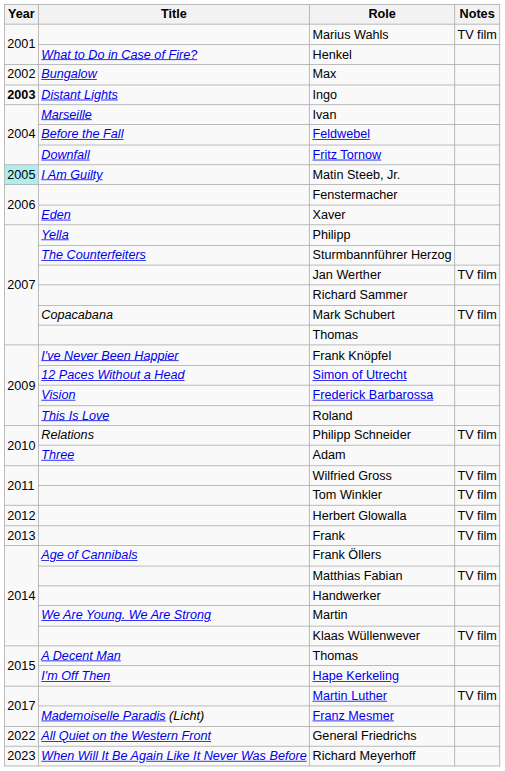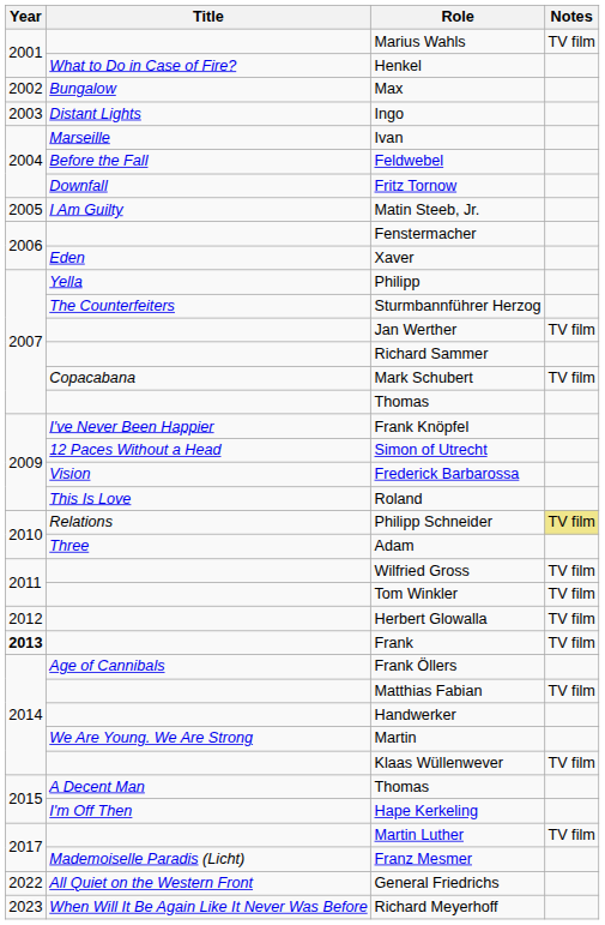 <table class="wikitable sortable">
 <tr>
 <th>Year</th>
 <th>Title</th>
 <th>Role</th>
 <th class="unsortable">Notes</th>
 </tr>
 <tr>
 <td rowspan=2>2001</td>
 <td><em></em></td>
 <td>Marius Wahls</td>
 <td>TV film</td>
 </tr>
 <tr>
 <td><em><a href='#'>What to Do in Case of Fire?</a></em></td>
 <td>Henkel</td>
 <td></td>
 </tr>
 <tr>
 <td>2002</td>
 <td><em><a href='#'>Bungalow</a></em></td>
 <td>Max</td>
 <td></td>
 </tr>
 <tr>
-<td><strong>2003</strong></td>
+<td>2003</td>
 <td><em><a href='#'>Distant Lights</a></em></td>
 <td>Ingo</td>
 <td></td>
 </tr>
 <tr>
 <td rowspan=3>2004</td>
 <td><em><a href='#'>Marseille</a></em></td>
 <td>Ivan</td>
 <td></td>
 </tr>
 <tr>
 <td><em><a href='#'>Before the Fall</a></em></td>
 <td><a href='#'>Feldwebel</a></td>
 <td></td>
 </tr>
 <tr>
 <td><em><a href='#'>Downfall</a></em></td>
 <td><a href='#'>Fritz Tornow</a></td>
 <td></td>
 </tr>
 <tr>
-<td style="background: paleturquoise;">2005</td>
+<td>2005</td>
 <td><em><a href='#'>I Am Guilty</a></em></td>
 <td>Matin Steeb, Jr.</td>
 <td></td>
 </tr>
 <tr>
 <td rowspan=2>2006</td>
 <td><em></em></td>
 <td>Fenstermacher</td>
 <td></td>
 </tr>
 <tr>
 <td><em><a href='#'>Eden</a></em></td>
 <td>Xaver</td>
 <td></td>
 </tr>
 <tr>
 <td rowspan=6>2007</td>
 <td><em><a href='#'>Yella</a></em></td>
 <td>Philipp</td>
 <td></td>
 </tr>
 <tr>
 <td><em><a href='#'>The Counterfeiters</a></em></td>
 <td>Sturmbannführer Herzog</td>
 <td></td>
 </tr>
 <tr>
 <td><em></em></td>
 <td>Jan Werther</td>
 <td>TV film</td>
 </tr>
 <tr>
 <td><em></em></td>
 <td>Richard Sammer</td>
 <td></td>
 </tr>
 <tr>
 <td><em>Copacabana</em></td>
 <td>Mark Schubert</td>
 <td>TV film</td>
 </tr>
 <tr>
 <td><em></em></td>
 <td>Thomas</td>
 <td></td>
 </tr>
 <tr>
 <td rowspan=4>2009</td>
 <td><em><a href='#'>I've Never Been Happier</a></em></td>
 <td>Frank Knöpfel</td>
 <td></td>
 </tr>
 <tr>
 <td><em><a href='#'>12 Paces Without a Head</a></em></td>
 <td><a href='#'>Simon of Utrecht</a></td>
 <td></td>
 </tr>
 <tr>
 <td><em><a href='#'>Vision</a></em></td>
 <td><a href='#'>Frederick Barbarossa</a></td>
 <td></td>
 </tr>
 <tr>
 <td><em><a href='#'>This Is Love</a></em></td>
 <td>Roland</td>
 <td></td>
 </tr>
 <tr>
 <td rowspan=2>2010</td>
 <td><em>Relations</em></td>
 <td>Philipp Schneider</td>
-<td>TV film</td>
+<td style="background: khaki;">TV film</td>
 </tr>
 <tr>
 <td><em><a href='#'>Three</a></em></td>
 <td>Adam</td>
 <td></td>
 </tr>
 <tr>
 <td rowspan=2>2011</td>
 <td><em></em></td>
 <td>Wilfried Gross</td>
 <td>TV film</td>
 </tr>
 <tr>
 <td><em></em></td>
 <td>Tom Winkler</td>
 <td>TV film</td>
 </tr>
 <tr>
 <td>2012</td>
 <td><em></em></td>
 <td>Herbert Glowalla</td>
 <td>TV film</td>
 </tr>
 <tr>
-<td>2013</td>
+<td><strong>2013</strong></td>
 <td><em></em></td>
 <td>Frank</td>
 <td>TV film</td>
 </tr>
 <tr>
 <td rowspan=5>2014</td>
 <td><em><a href='#'>Age of Cannibals</a></em></td>
 <td>Frank Öllers</td>
 <td></td>
 </tr>
 <tr>
 <td><em></em></td>
 <td>Matthias Fabian</td>
 <td>TV film</td>
 </tr>
 <tr>
 <td><em></em></td>
 <td>Handwerker</td>
 <td></td>
 </tr>
 <tr>
 <td><em><a href='#'>We Are Young. We Are Strong</a></em></td>
 <td>Martin</td>
 <td></td>
 </tr>
 <tr>
 <td><em></em></td>
 <td>Klaas Wüllenwever</td>
 <td>TV film</td>
 </tr>
 <tr>
 <td rowspan=2>2015</td>
 <td><em><a href='#'>A Decent Man</a></em></td>
 <td>Thomas</td>
 <td></td>
 </tr>
 <tr>
 <td><em><a href='#'>I'm Off Then</a></em></td>
 <td><a href='#'>Hape Kerkeling</a></td>
 <td></td>
 </tr>
 <tr>
 <td rowspan=2>2017</td>
 <td><em></em></td>
 <td><a href='#'>Martin Luther</a></td>
 <td>TV film</td>
 </tr>
 <tr>
 <td><em><a href='#'>Mademoiselle Paradis</a> (Licht)</em></td>
 <td><a href='#'>Franz Mesmer</a></td>
 <td></td>
 </tr>
 <tr>
 <td>2022</td>
 <td><em><a href='#'>All Quiet on the Western Front</a></em></td>
 <td>General Friedrichs</td>
 <td></td>
 </tr>
 <tr>
 <td>2023</td>
 <td><em><a href='#'>When Will It Be Again Like It Never Was Before</a></em></td>
 <td>Richard Meyerhoff</td>
 <td></td>
 </tr>
 </table>
